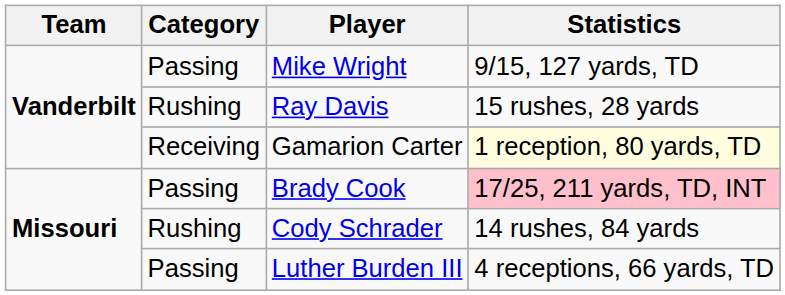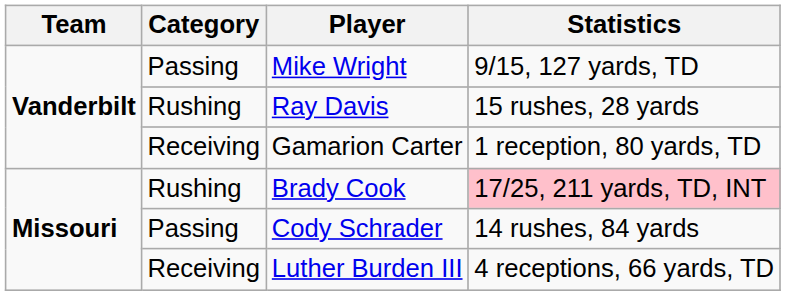 <table class="wikitable" style="float: right;">
 <tr>
 <th>Team</th>
 <th>Category</th>
 <th>Player</th>
 <th>Statistics</th>
 </tr>
 <tr>
 <td rowspan=3><strong>Vanderbilt</strong></td>
 <td>Passing</td>
 <td><a href='#'>Mike Wright</a></td>
 <td>9/15, 127 yards, TD</td>
 </tr>
 <tr>
 <td>Rushing</td>
 <td><a href='#'>Ray Davis</a></td>
 <td>15 rushes, 28 yards</td>
 </tr>
 <tr>
 <td>Receiving</td>
 <td>Gamarion Carter</td>
-<td style="background: lightyellow;">1 reception, 80 yards, TD</td>
+<td>1 reception, 80 yards, TD</td>
 </tr>
 <tr>
 <td rowspan=3><strong>Missouri</strong></td>
-<td>Passing</td>
+<td>Rushing</td>
 <td><a href='#'>Brady Cook</a></td>
 <td style="background: pink;">17/25, 211 yards, TD, INT</td>
 </tr>
 <tr>
-<td>Rushing</td>
+<td>Passing</td>
 <td><a href='#'>Cody Schrader</a></td>
 <td>14 rushes, 84 yards</td>
 </tr>
 <tr>
-<td>Passing</td>
+<td>Receiving</td>
 <td><a href='#'>Luther Burden III</a></td>
 <td>4 receptions, 66 yards, TD</td>
 </tr>
 </table>
